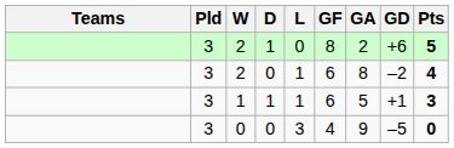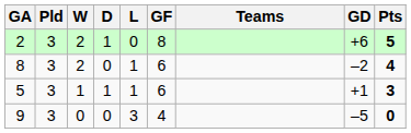 <table class="wikitable" style="text-align: center;">
 <tr>
-<th width=165>Teams</th>
+<th width=20>GA</th>
 <th width=20>Pld</th>
 <th width=20>W</th>
 <th width=20>D</th>
 <th width=20>L</th>
 <th width=20>GF</th>
-<th width=20>GA</th>
+<th width=165>Teams</th>
 <th width=20>GD</th>
 <th width=20>Pts</th>
 </tr>
 <tr align=center style="background:#ccffcc;">
-<td style="text-align:left;"></td>
+<td>2</td>
 <td>3</td>
 <td>2</td>
 <td>1</td>
 <td>0</td>
 <td>8</td>
-<td>2</td>
+<td style="text-align:left;"></td>
 <td>+6</td>
 <td><strong>5</strong></td>
 </tr>
 <tr align=center>
-<td style="text-align:left;"></td>
+<td>8</td>
 <td>3</td>
 <td>2</td>
 <td>0</td>
 <td>1</td>
 <td>6</td>
-<td>8</td>
+<td style="text-align:left;"></td>
 <td>–2</td>
 <td><strong>4</strong></td>
 </tr>
 <tr align=center>
-<td style="text-align:left;"></td>
+<td>5</td>
 <td>3</td>
 <td>1</td>
 <td>1</td>
 <td>1</td>
 <td>6</td>
-<td>5</td>
+<td style="text-align:left;"></td>
 <td>+1</td>
 <td><strong>3</strong></td>
 </tr>
 <tr align=center>
-<td style="text-align:left;"></td>
+<td>9</td>
 <td>3</td>
 <td>0</td>
 <td>0</td>
 <td>3</td>
 <td>4</td>
-<td>9</td>
+<td style="text-align:left;"></td>
 <td>–5</td>
 <td><strong>0</strong></td>
 </tr>
 </table>
